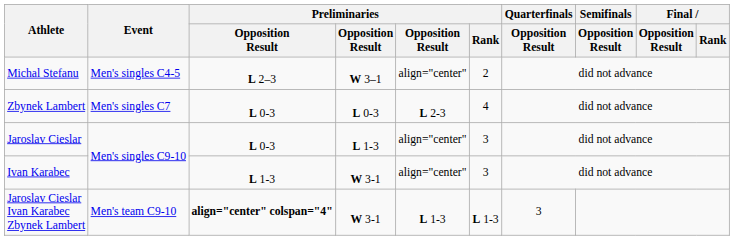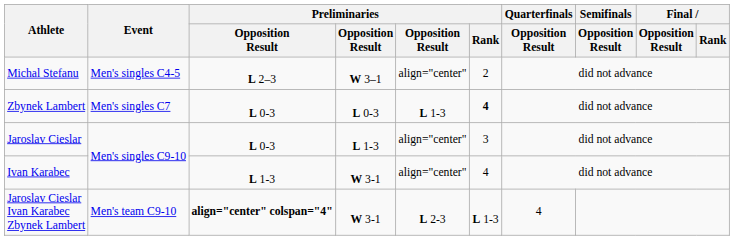 <table class=wikitable style="font-size:90%">
 <tr>
 <th rowspan="2">Athlete</th>
 <th rowspan="2">Event</th>
 <th colspan="4">Preliminaries</th>
 <th>Quarterfinals</th>
 <th>Semifinals</th>
 <th colspan="2">Final / </th>
 </tr>
 <tr>
 <th>Opposition<br>Result</th>
 <th>Opposition<br>Result</th>
 <th>Opposition<br>Result</th>
 <th>Rank</th>
 <th>Opposition<br>Result</th>
 <th>Opposition<br>Result</th>
 <th>Opposition<br>Result</th>
 <th>Rank</th>
 </tr>
 <tr>
 <td><a href='#'>Michal Stefanu</a></td>
 <td><a href='#'>Men's singles C4-5</a></td>
 <td align="center"><br><strong>L</strong> 2–3</td>
 <td align="center"><br><strong>W</strong> 3–1</td>
 <td>align="center" </td>
 <td align="center">2</td>
 <td align="center" colspan="4">did not advance</td>
 </tr>
 <tr>
 <td><a href='#'>Zbynek Lambert</a></td>
 <td><a href='#'>Men's singles C7</a></td>
 <td align="center"><br><strong>L</strong> 0-3</td>
 <td align="center"><br><strong>L</strong> 0-3</td>
-<td align="center"><br><strong>L</strong> 2-3</td>
-<td align="center">4</td>
+<td align="center"><br><strong>L</strong> 1-3</td>
+<td align="center"><strong>4</strong></td>
 <td align="center" colspan="4">did not advance</td>
 </tr>
 <tr>
 <td><a href='#'>Jaroslav Cieslar</a></td>
 <td rowspan="2"><a href='#'>Men's singles C9-10</a></td>
 <td align="center"><br><strong>L</strong> 0-3</td>
 <td align="center"><br><strong>L</strong> 1-3</td>
 <td>align="center" </td>
 <td align="center">3</td>
 <td align="center" colspan="4">did not advance</td>
 </tr>
 <tr>
 <td><a href='#'>Ivan Karabec</a></td>
 <td align="center"><br><strong>L</strong> 1-3</td>
 <td align="center"><br><strong>W</strong> 3-1</td>
 <td>align="center" </td>
-<td align="center">3</td>
+<td align="center">4</td>
 <td align="center" colspan="4">did not advance</td>
 </tr>
 <tr>
 <td><a href='#'>Jaroslav Cieslar</a><br> <a href='#'>Ivan Karabec</a><br> <a href='#'>Zbynek Lambert</a></td>
 <td><a href='#'>Men's team C9-10</a></td>
 <td><strong>align="center" colspan="4" </strong></td>
 <td align="center"><br><strong>W</strong> 3-1</td>
+<td align="center"><br><strong>L</strong> 2-3</td>
 <td align="center"><br><strong>L</strong> 1-3</td>
-<td align="center"><br><strong>L</strong> 1-3</td>
-<td align="center">3</td>
+<td align="center">4</td>
 </tr>
 </table>
